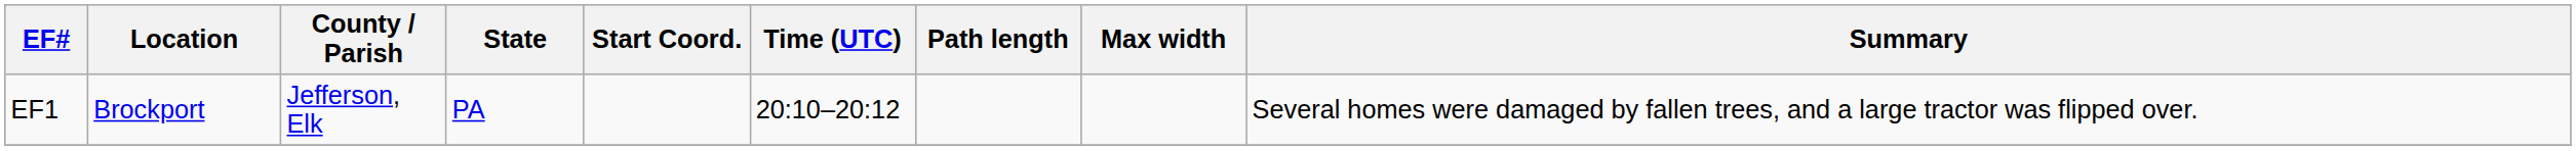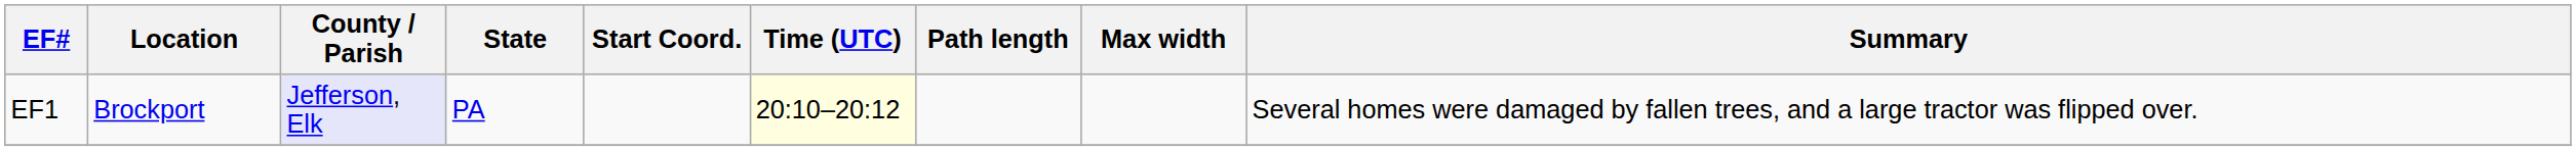 <table class="wikitable sortable" style="width:100%;">
 <tr>
 <th scope="col" style="width:3%; text-align:center;"><a href='#'>EF#</a></th>
 <th scope="col" style="width:7%; text-align:center;" class="unsortable">Location</th>
 <th scope="col" style="width:6%; text-align:center;" class="unsortable">County / Parish</th>
 <th scope="col" style="width:5%; text-align:center;">State</th>
 <th scope="col" style="width:6%; text-align:center;">Start Coord.</th>
 <th scope="col" style="width:6%; text-align:center;">Time (<a href='#'>UTC</a>)</th>
 <th scope="col" style="width:6%; text-align:center;">Path length</th>
 <th scope="col" style="width:6%; text-align:center;">Max width</th>
 <th scope="col" class="unsortable" style="width:48%; text-align:center;">Summary</th>
 </tr>
 <tr>
 <td bgcolor=>EF1</td>
 <td><a href='#'>Brockport</a></td>
-<td><a href='#'>Jefferson</a>, <a href='#'>Elk</a></td>
+<td style="background: lavender;"><a href='#'>Jefferson</a>, <a href='#'>Elk</a></td>
 <td><a href='#'>PA</a></td>
 <td></td>
-<td>20:10–20:12</td>
+<td style="background: lightyellow;">20:10–20:12</td>
 <td></td>
 <td></td>
 <td>Several homes were damaged by fallen trees, and a large tractor was flipped over.</td>
 </tr>
 <tr>
 </tr>
 </table>
